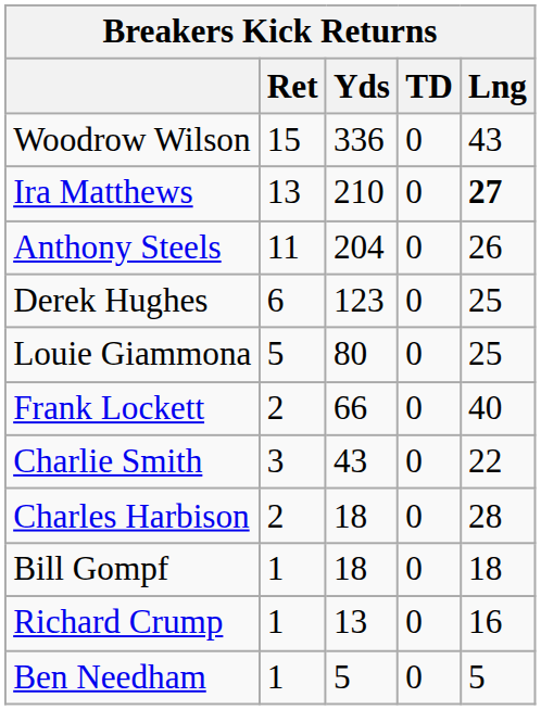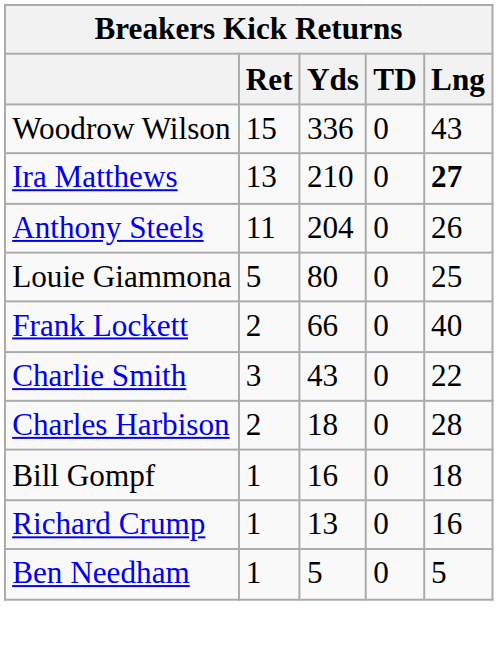 <table class="wikitable">
 <tr>
 <th colspan="5">Breakers Kick Returns</th>
 </tr>
 <tr>
 <th></th>
 <th>Ret</th>
 <th>Yds</th>
 <th>TD</th>
 <th>Lng</th>
 </tr>
 <tr>
 <td>Woodrow Wilson</td>
 <td>15</td>
 <td>336</td>
 <td>0</td>
 <td>43</td>
 </tr>
 <tr>
 <td><a href='#'>Ira Matthews</a></td>
 <td>13</td>
 <td>210</td>
 <td>0</td>
 <td><strong>27</strong></td>
 </tr>
 <tr>
 <td><a href='#'>Anthony Steels</a></td>
 <td>11</td>
 <td>204</td>
 <td>0</td>
 <td>26</td>
 </tr>
 <tr>
-<td>Derek Hughes</td>
-<td>6</td>
-<td>123</td>
-<td>0</td>
-<td>25</td>
-</tr>
-<tr>
 <td>Louie Giammona</td>
 <td>5</td>
 <td>80</td>
 <td>0</td>
 <td>25</td>
 </tr>
 <tr>
 <td><a href='#'>Frank Lockett</a></td>
 <td>2</td>
 <td>66</td>
 <td>0</td>
 <td>40</td>
 </tr>
 <tr>
 <td><a href='#'>Charlie Smith</a></td>
 <td>3</td>
 <td>43</td>
 <td>0</td>
 <td>22</td>
 </tr>
 <tr>
 <td><a href='#'>Charles Harbison</a></td>
 <td>2</td>
 <td>18</td>
 <td>0</td>
 <td>28</td>
 </tr>
 <tr>
 <td>Bill Gompf</td>
 <td>1</td>
-<td>18</td>
+<td>16</td>
 <td>0</td>
 <td>18</td>
 </tr>
 <tr>
 <td><a href='#'>Richard Crump</a></td>
 <td>1</td>
 <td>13</td>
 <td>0</td>
 <td>16</td>
 </tr>
 <tr>
 <td><a href='#'>Ben Needham</a></td>
 <td>1</td>
 <td>5</td>
 <td>0</td>
 <td>5</td>
 </tr>
 </table>
